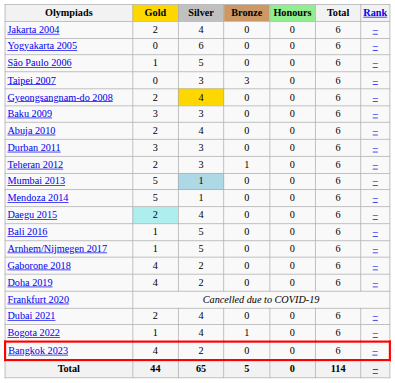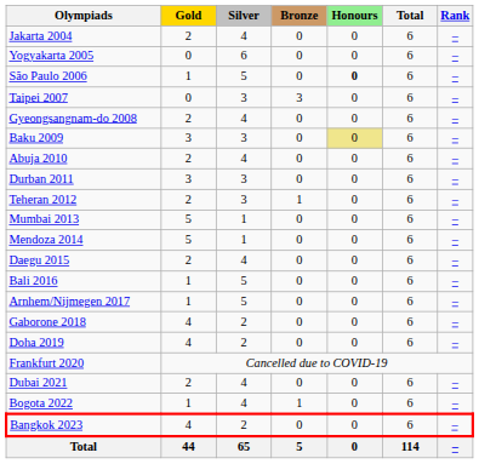 <table class="wikitable" style="text-align:center; font-size:90%;">
 <tr>
 <th style="width:12em;">Olympiads</th>
 <th style="width:4em; background:gold;">Gold</th>
 <th style="width:4em; background:silver;">Silver</th>
 <th style="width:4em; background:#cc9966;">Bronze</th>
 <th style="width:4em; background:#90EE90;">Honours</th>
 <th style="width:4em;">Total</th>
 <th style="width:2em;"><a href='#'>Rank</a></th>
 </tr>
 <tr>
 <td align=left> <a href='#'>Jakarta 2004</a></td>
 <td>2</td>
 <td>4</td>
 <td>0</td>
 <td>0</td>
 <td>6</td>
 <td><a href='#'>–</a></td>
 </tr>
 <tr>
 <td align=left> <a href='#'>Yogyakarta 2005</a></td>
 <td>0</td>
 <td>6</td>
 <td>0</td>
 <td>0</td>
 <td>6</td>
 <td><a href='#'>–</a></td>
 </tr>
 <tr>
 <td align=left> <a href='#'>São Paulo 2006</a></td>
 <td>1</td>
 <td>5</td>
 <td>0</td>
-<td>0</td>
+<td><strong>0</strong></td>
 <td>6</td>
 <td><a href='#'>–</a></td>
 </tr>
 <tr>
 <td align=left> <a href='#'>Taipei 2007</a></td>
 <td>0</td>
 <td>3</td>
 <td>3</td>
 <td>0</td>
 <td>6</td>
 <td><a href='#'>–</a></td>
 </tr>
 <tr>
 <td align=left> <a href='#'>Gyeongsangnam-do 2008</a></td>
 <td>2</td>
-<td style="background: gold;">4</td>
+<td>4</td>
 <td>0</td>
 <td>0</td>
 <td>6</td>
 <td><a href='#'>–</a></td>
 </tr>
 <tr>
 <td align=left> <a href='#'>Baku 2009</a></td>
 <td>3</td>
 <td>3</td>
 <td>0</td>
-<td>0</td>
+<td style="background: khaki;">0</td>
 <td>6</td>
 <td><a href='#'>–</a></td>
 </tr>
 <tr>
 <td align=left> <a href='#'>Abuja 2010</a></td>
 <td>2</td>
 <td>4</td>
 <td>0</td>
 <td>0</td>
 <td>6</td>
 <td><a href='#'>–</a></td>
 </tr>
 <tr>
 <td align=left> <a href='#'>Durban 2011</a></td>
 <td>3</td>
 <td>3</td>
 <td>0</td>
 <td>0</td>
 <td>6</td>
 <td><a href='#'>–</a></td>
 </tr>
 <tr>
 <td align=left> <a href='#'>Teheran 2012</a></td>
 <td>2</td>
 <td>3</td>
 <td>1</td>
 <td>0</td>
 <td>6</td>
 <td><a href='#'>–</a></td>
 </tr>
 <tr>
 <td align=left> <a href='#'>Mumbai 2013</a></td>
 <td>5</td>
-<td style="background: lightblue;">1</td>
+<td>1</td>
 <td>0</td>
 <td>0</td>
 <td>6</td>
 <td><a href='#'>–</a></td>
 </tr>
 <tr>
 <td align=left> <a href='#'>Mendoza 2014</a></td>
 <td>5</td>
 <td>1</td>
 <td>0</td>
 <td>0</td>
 <td>6</td>
 <td><a href='#'>–</a></td>
 </tr>
 <tr>
 <td align=left> <a href='#'>Daegu 2015</a></td>
-<td style="background: paleturquoise;">2</td>
+<td>2</td>
 <td>4</td>
 <td>0</td>
 <td>0</td>
 <td>6</td>
 <td><a href='#'>–</a></td>
 </tr>
 <tr>
 <td align=left> <a href='#'>Bali 2016</a></td>
 <td>1</td>
 <td>5</td>
 <td>0</td>
 <td>0</td>
 <td>6</td>
 <td><a href='#'>–</a></td>
 </tr>
 <tr>
 <td align=left> <a href='#'>Arnhem/Nijmegen 2017</a></td>
 <td>1</td>
 <td>5</td>
 <td>0</td>
 <td>0</td>
 <td>6</td>
 <td><a href='#'>–</a></td>
 </tr>
 <tr>
 <td align=left> <a href='#'>Gaborone 2018</a></td>
 <td>4</td>
 <td>2</td>
 <td>0</td>
 <td>0</td>
 <td>6</td>
 <td><a href='#'>–</a></td>
 </tr>
 <tr>
 <td align=left> <a href='#'>Doha 2019</a></td>
 <td>4</td>
 <td>2</td>
 <td>0</td>
 <td>0</td>
 <td>6</td>
 <td><a href='#'>–</a></td>
 </tr>
 <tr>
 <td align=left> <a href='#'>Frankfurt 2020</a></td>
 <td colspan=6><em>Cancelled due to COVID-19</em></td>
 </tr>
 <tr>
 <td align=left> <a href='#'>Dubai 2021</a></td>
 <td>2</td>
 <td>4</td>
 <td>0</td>
 <td>0</td>
 <td>6</td>
 <td><a href='#'>–</a></td>
 </tr>
 <tr>
 <td align=left> <a href='#'>Bogota 2022</a></td>
 <td>1</td>
 <td>4</td>
 <td>1</td>
 <td>0</td>
 <td>6</td>
 <td><a href='#'>–</a></td>
 </tr>
 <tr>
 </tr>
 <tr style="border: 3px solid red">
 <td align=left> <a href='#'>Bangkok 2023</a></td>
 <td>4</td>
 <td>2</td>
 <td>0</td>
 <td>0</td>
 <td>6</td>
 <td><a href='#'>–</a></td>
 </tr>
 <tr>
 <th colspan=1>Total</th>
 <th>44</th>
 <th>65</th>
 <th>5</th>
 <th>0</th>
 <th>114</th>
 <th><a href='#'>–</a></th>
 </tr>
 </table>
